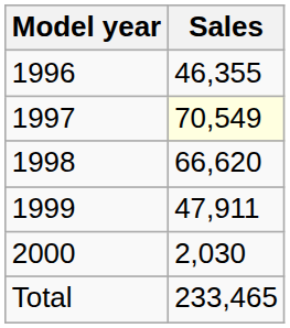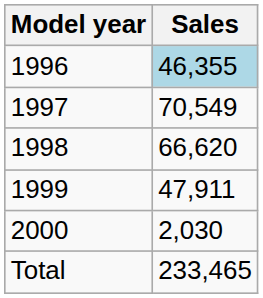 <table class="wikitable">
 <tr>
 <th>Model year</th>
 <th>Sales</th>
 </tr>
 <tr>
 <td>1996</td>
-<td>46,355</td>
+<td style="background: lightblue;">46,355</td>
 </tr>
 <tr>
 <td>1997</td>
-<td style="background: lightyellow;">70,549</td>
+<td>70,549</td>
 </tr>
 <tr>
 <td>1998</td>
 <td>66,620</td>
 </tr>
 <tr>
 <td>1999</td>
 <td>47,911</td>
 </tr>
 <tr>
 <td>2000</td>
 <td>2,030</td>
 </tr>
 <tr>
 <td>Total</td>
 <td>233,465</td>
 </tr>
 </table>
